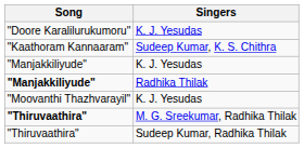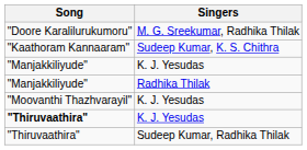 <table class="wikitable">
 <tr>
 <th>Song</th>
 <th>Singers</th>
 </tr>
 <tr>
 <td>"Doore Karalilurukumoru"</td>
-<td><a href='#'>K. J. Yesudas</a></td>
+<td><a href='#'>M. G. Sreekumar</a>, Radhika Thilak</td>
 </tr>
 <tr>
 <td>"Kaathoram Kannaaram"</td>
 <td><a href='#'>Sudeep Kumar</a>, <a href='#'>K. S. Chithra</a></td>
 </tr>
 <tr>
 <td>"Manjakkiliyude"</td>
 <td>K. J. Yesudas</td>
 </tr>
 <tr>
-<td><strong>"Manjakkiliyude"</strong></td>
+<td>"Manjakkiliyude"</td>
 <td><a href='#'>Radhika Thilak</a></td>
 </tr>
 <tr>
 <td>"Moovanthi Thazhvarayil"</td>
 <td>K. J. Yesudas</td>
 </tr>
 <tr>
 <td><strong>"Thiruvaathira"</strong></td>
-<td><a href='#'>M. G. Sreekumar</a>, Radhika Thilak</td>
+<td><a href='#'>K. J. Yesudas</a></td>
 </tr>
 <tr>
 <td>"Thiruvaathira"</td>
 <td>Sudeep Kumar, Radhika Thilak</td>
 </tr>
 </table>
